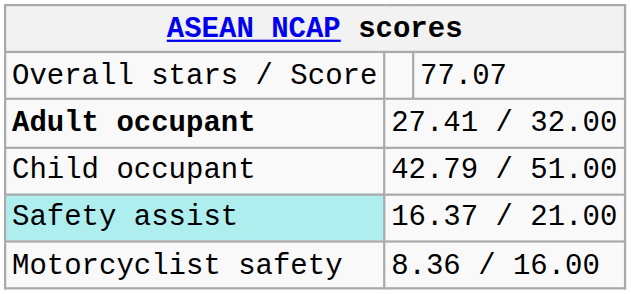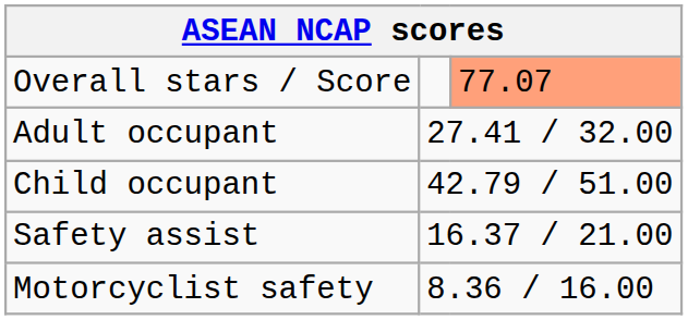 <table class="wikitable">
 <tr>
 <th colspan="3"><a href='#'>ASEAN NCAP</a> scores</th>
 </tr>
 <tr>
 <td>Overall stars / Score</td>
 <td></td>
-<td>77.07</td>
+<td style="background: lightsalmon;">77.07</td>
 </tr>
 <tr>
-<td><strong>Adult occupant</strong></td>
+<td>Adult occupant</td>
 <td colspan="2">27.41 / 32.00</td>
 </tr>
 <tr>
 <td>Child occupant</td>
 <td colspan="2">42.79 / 51.00</td>
 </tr>
 <tr>
-<td style="background: paleturquoise;">Safety assist</td>
+<td>Safety assist</td>
 <td colspan="2">16.37 / 21.00</td>
 </tr>
 <tr>
 <td>Motorcyclist safety</td>
 <td colspan="2">8.36 / 16.00</td>
 </tr>
 </table>
